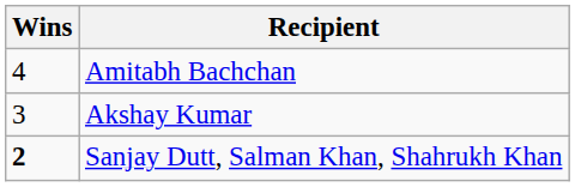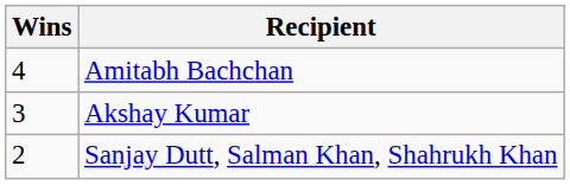 <table class="wikitable">
 <tr>
 <th>Wins</th>
 <th>Recipient</th>
 </tr>
 <tr>
 <td>4</td>
 <td><a href='#'>Amitabh Bachchan</a></td>
 </tr>
 <tr>
 <td>3</td>
 <td><a href='#'>Akshay Kumar</a></td>
 </tr>
 <tr>
-<td><strong>2</strong></td>
+<td>2</td>
 <td><a href='#'>Sanjay Dutt</a>, <a href='#'>Salman Khan</a>, <a href='#'>Shahrukh Khan</a></td>
 </tr>
 </table>
